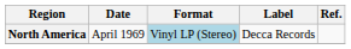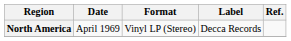 <table class="wikitable plainrowheaders">
 <tr>
 <th scope="col">Region</th>
 <th scope="col">Date</th>
 <th scope="col">Format</th>
 <th scope="col">Label</th>
 <th scope="col">Ref.</th>
 </tr>
 <tr>
 <th scope="row">North America</th>
 <td>April 1969</td>
-<td style="background: lightblue;">Vinyl LP (Stereo)</td>
+<td>Vinyl LP (Stereo)</td>
 <td>Decca Records</td>
 <td></td>
 </tr>
 <tr>
 </tr>
 </table>
